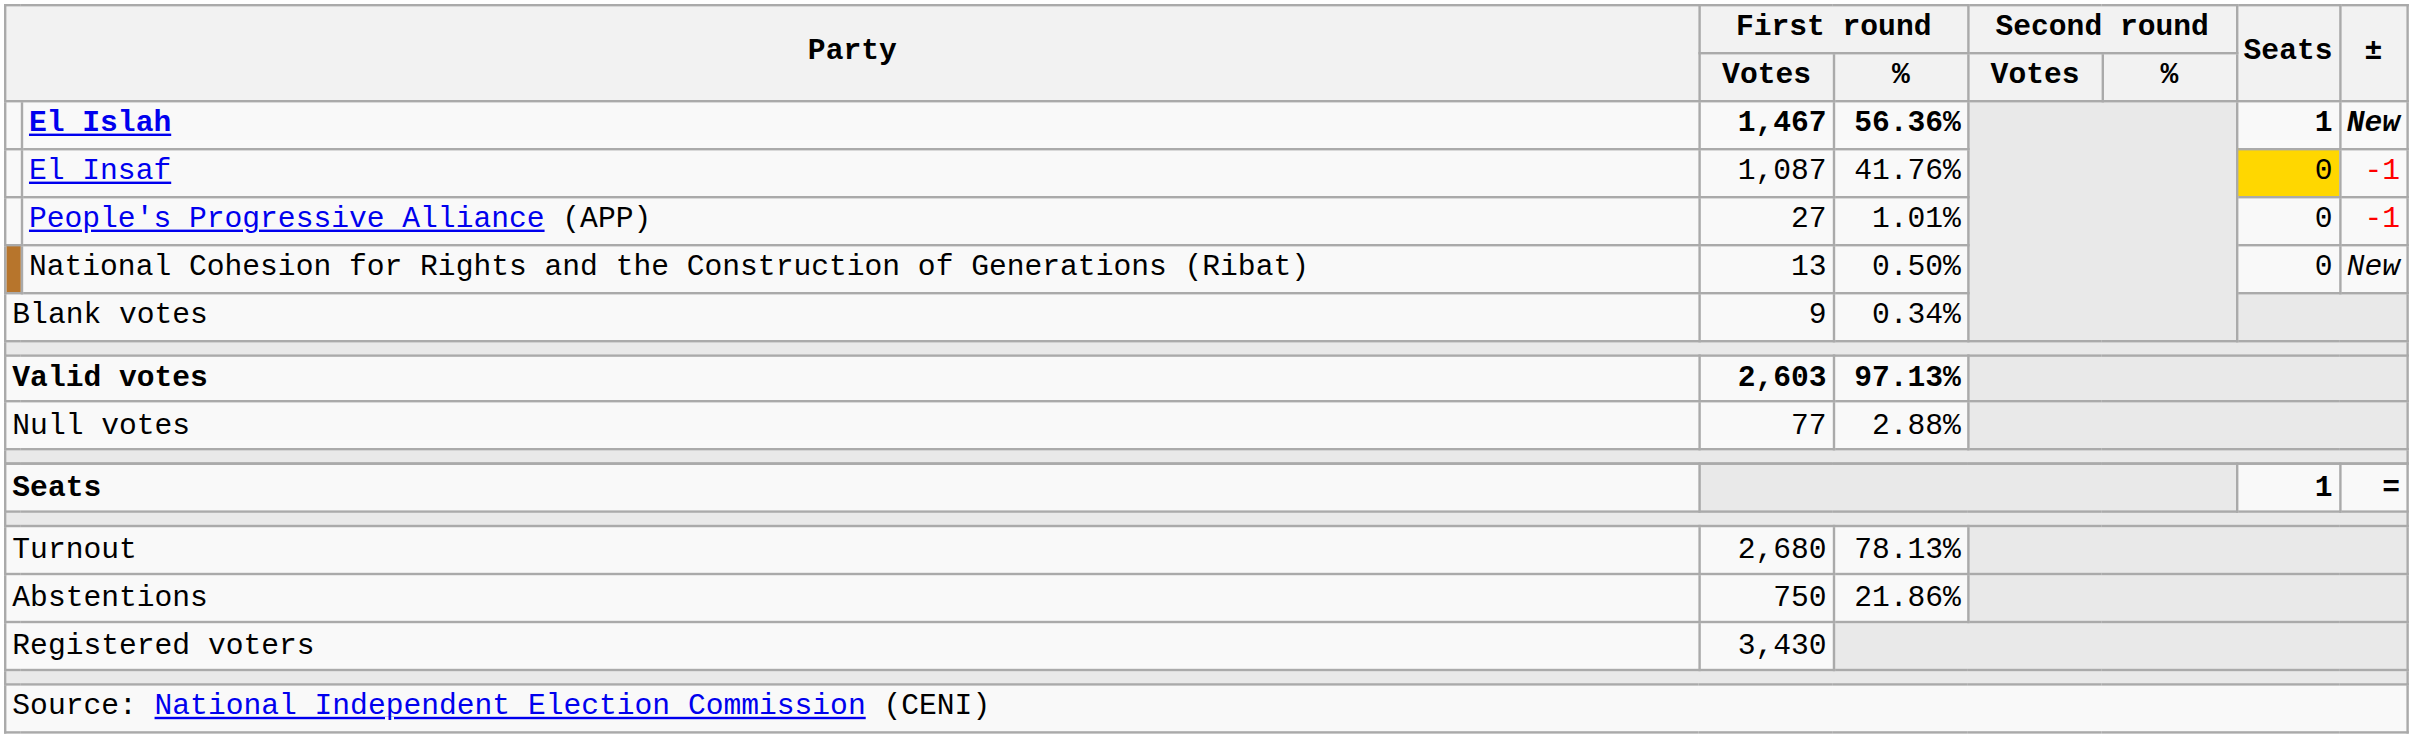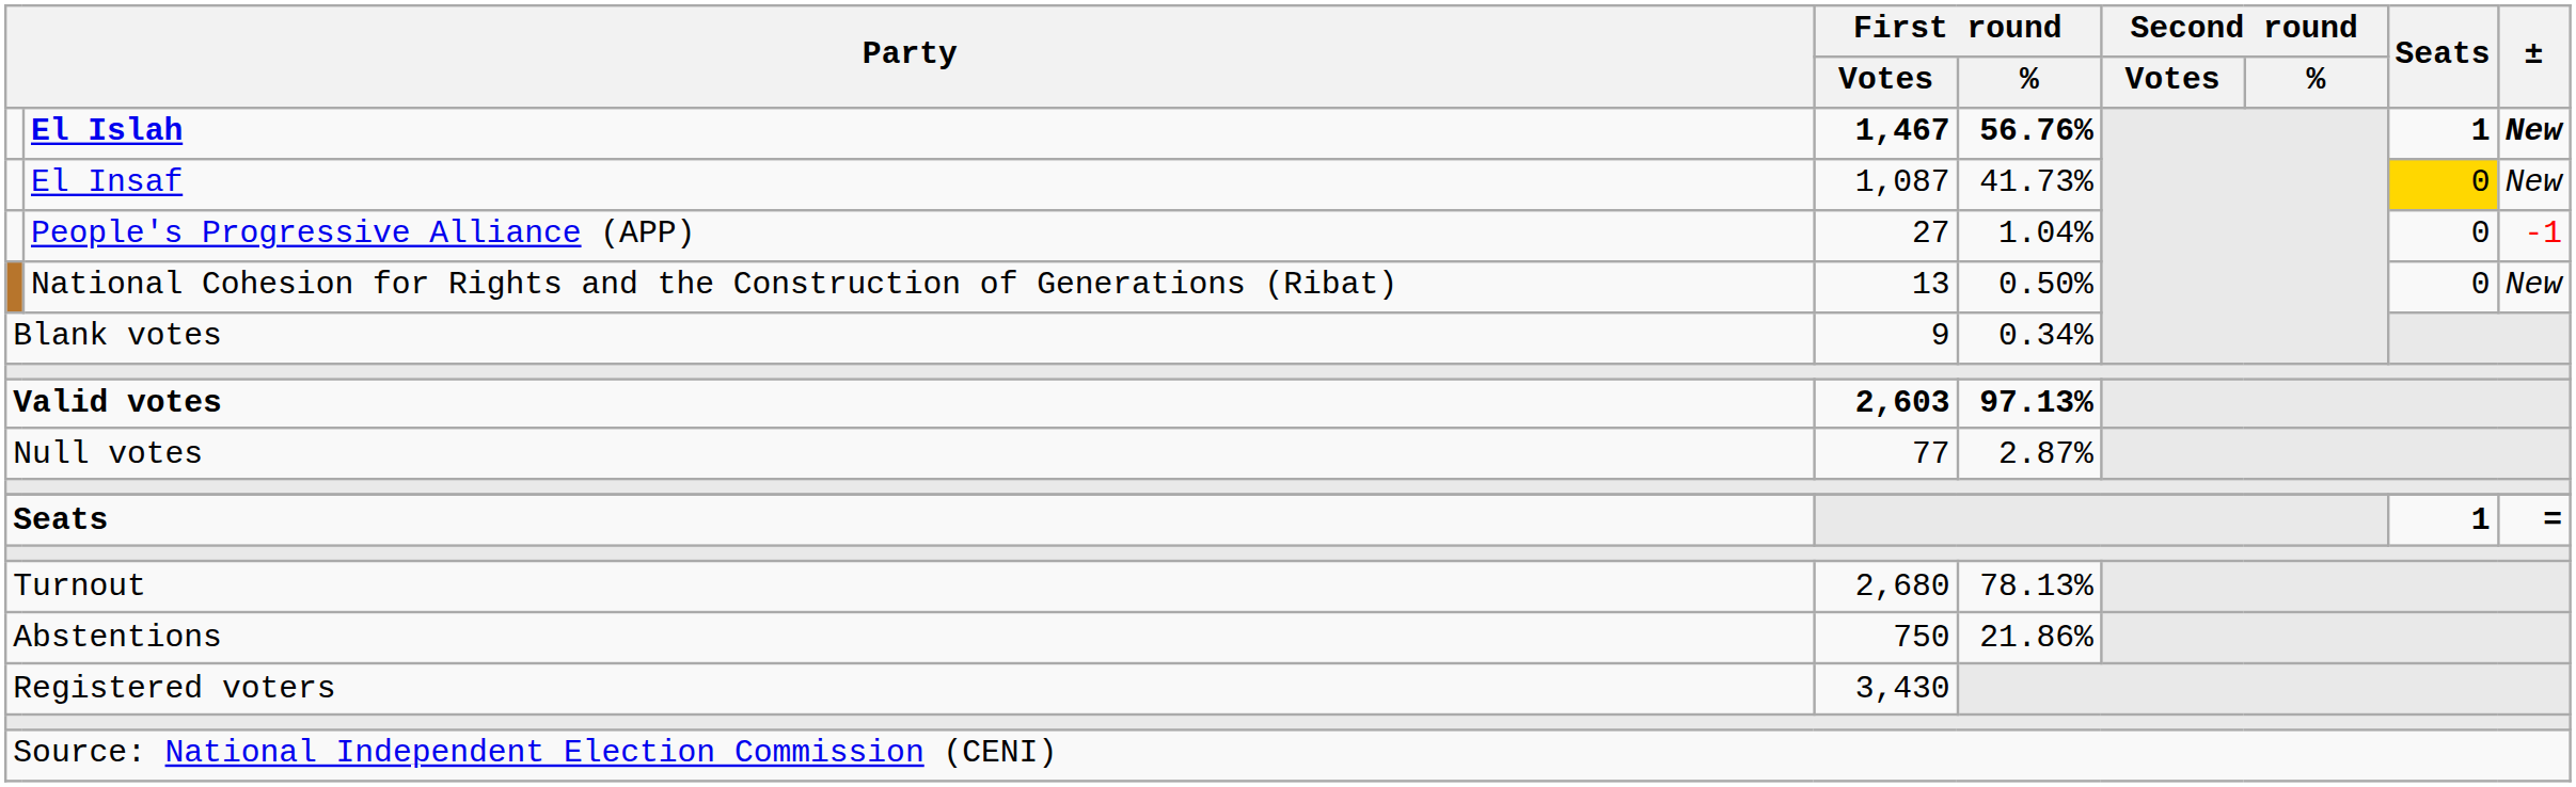 <table class="wikitable" style="text-align:right;font-size:95%;">
 <tr>
 <th rowspan="2" colspan="2" width="700">Party</th>
 <th colspan="2">First round</th>
 <th colspan="2">Second round</th>
 <th rowspan="2" width="25">Seats</th>
 <th rowspan="2" width="20">±</th>
 </tr>
 <tr>
 <th width="50">Votes</th>
 <th width="50">%</th>
 <th width="50">Votes</th>
 <th width="50">%</th>
 </tr>
 <tr>
 <td width="1" style="color:inherit;background:"></td>
 <td style="text-align:left;"><strong><a href='#'>El Islah</a></strong></td>
 <td><strong>1,467</strong></td>
-<td><strong>56.36%</strong></td>
+<td><strong>56.76%</strong></td>
 <td colspan="2" rowspan="5" style="background:#E9E9E9;"></td>
 <td><strong>1</strong></td>
 <td><strong><em>New</em></strong></td>
 </tr>
 <tr>
 <td width="1" style="color:inherit;background:"></td>
 <td style="text-align:left;"><a href='#'>El Insaf</a></td>
 <td>1,087</td>
-<td>41.76%</td>
+<td>41.73%</td>
 <td style="background: gold;">0</td>
-<td style="color:red;">-1</td>
+<td><em>New</em></td>
 </tr>
 <tr>
 <td width="1" style="color:inherit;background:"></td>
 <td style="text-align:left;"><a href='#'>People's Progressive Alliance</a> (APP)</td>
 <td>27</td>
-<td>1.01%</td>
+<td>1.04%</td>
 <td>0</td>
 <td style="color:red;">-1</td>
 </tr>
 <tr>
 <td width="1" style="color:inherit;background:#B7752C;"></td>
 <td style="text-align:left;">National Cohesion for Rights and the Construction of Generations (Ribat)</td>
 <td>13</td>
 <td>0.50%</td>
 <td>0</td>
 <td><em>New</em></td>
 </tr>
 <tr>
 <td colspan="2" style="text-align:left;">Blank votes</td>
 <td>9</td>
 <td>0.34%</td>
 <td colspan="4" style="background:#E9E9E9;"></td>
 </tr>
 <tr>
 <td colspan="8" style="background:#E9E9E9;"></td>
 </tr>
 <tr style="font-weight:bold;">
 <td colspan="2" style="text-align:left;">Valid votes</td>
 <td>2,603</td>
 <td>97.13%</td>
 <td colspan="4" style="background:#E9E9E9;"></td>
 </tr>
 <tr>
 <td colspan="2" style="text-align:left;">Null votes</td>
 <td>77</td>
-<td>2.88%</td>
+<td>2.87%</td>
 <td colspan="4" style="background:#E9E9E9;"></td>
 </tr>
 <tr>
 <td colspan="8" style="background:#E9E9E9;"></td>
 </tr>
 <tr>
 </tr>
 <tr style="font-weight:bold;">
 <td colspan="2" style="text-align:left;">Seats</td>
 <td colspan="4" style="background:#E9E9E9;"></td>
 <td>1</td>
 <td>=</td>
 </tr>
 <tr>
 <td colspan="8" style="background:#E9E9E9;"></td>
 </tr>
 <tr>
 <td colspan="2" style="text-align:left;">Turnout</td>
 <td>2,680</td>
 <td>78.13%</td>
 <td colspan="4" style="background:#E9E9E9;"></td>
 </tr>
 <tr>
 <td colspan="2" style="text-align:left;">Abstentions</td>
 <td>750</td>
 <td>21.86%</td>
 <td colspan="4" style="background:#E9E9E9;"></td>
 </tr>
 <tr>
 <td colspan="2" style="text-align:left;">Registered voters</td>
 <td>3,430</td>
 <td colspan="5" style="background:#E9E9E9;"></td>
 </tr>
 <tr>
 <td colspan="8" style="background:#E9E9E9;"></td>
 </tr>
 <tr>
 <td colspan="8" style="text-align:left;">Source: <a href='#'>National Independent Election Commission</a> (CENI)</td>
 </tr>
 </table>
